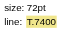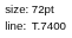 <table style="margin-left:40px;">
 <tr>
 <td>size:</td>
 <td>72pt</td>
 </tr>
 <tr>
 <td>line:</td>
-<td style="background: khaki;">T.7400</td>
+<td>T.7400</td>
 </tr>
 </table>
